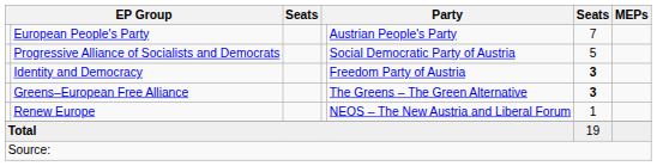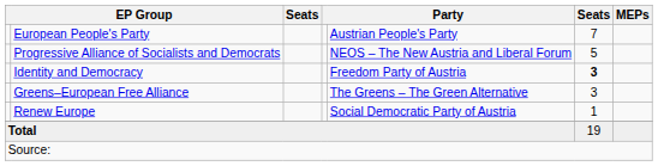 <table class="wikitable">
 <tr>
 <th colspan=2>EP Group</th>
 <th>Seats</th>
 <th colspan=2>Party</th>
 <th>Seats</th>
 <th>MEPs</th>
 </tr>
 <tr>
 <td></td>
 <td><a href='#'>European People's Party</a></td>
 <td></td>
 <td style="background:"></td>
 <td><a href='#'>Austrian People's Party</a></td>
 <td align=center>7</td>
 <td></td>
 </tr>
 <tr>
 <td></td>
 <td><a href='#'>Progressive Alliance of Socialists and Democrats</a></td>
 <td></td>
 <td style="background:"></td>
-<td><a href='#'>Social Democratic Party of Austria</a></td>
+<td><a href='#'>NEOS – The New Austria and Liberal Forum</a></td>
 <td align=center>5</td>
 <td></td>
 </tr>
 <tr>
 <td></td>
 <td><a href='#'>Identity and Democracy</a></td>
 <td></td>
 <td style="background:"></td>
 <td><a href='#'>Freedom Party of Austria</a></td>
 <td align=center><strong>3</strong></td>
 <td></td>
 </tr>
 <tr>
 <td></td>
 <td><a href='#'>Greens–European Free Alliance</a></td>
 <td></td>
 <td style="background:"></td>
 <td><a href='#'>The Greens – The Green Alternative</a></td>
-<td align=center><strong>3</strong></td>
+<td align=center>3</td>
 <td></td>
 </tr>
 <tr>
 <td></td>
 <td><a href='#'>Renew Europe</a></td>
 <td></td>
 <td style="background:"></td>
-<td><a href='#'>NEOS – The New Austria and Liberal Forum</a></td>
+<td><a href='#'>Social Democratic Party of Austria</a></td>
 <td align=center>1</td>
 <td></td>
 </tr>
 <tr>
 </tr>
 <tr bgcolor="EFEFEF">
 <td colspan=5 align=left><strong>Total</strong></td>
 <td align=center>19</td>
 <td></td>
 </tr>
 <tr>
 <td colspan="7">Source: </td>
 </tr>
 </table>
